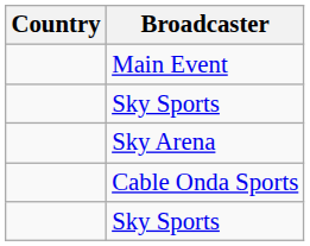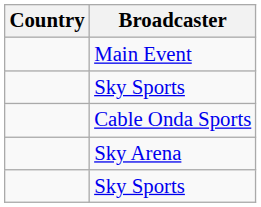 <table class="wikitable">
 <tr>
 <th align=center>Country</th>
 <th align=center>Broadcaster</th>
 </tr>
 <tr>
 <td></td>
 <td><a href='#'>Main Event</a></td>
 </tr>
 <tr>
 <td></td>
 <td><a href='#'>Sky Sports</a></td>
 </tr>
 <tr>
 <td></td>
-<td><a href='#'>Sky Arena</a></td>
+<td><a href='#'>Cable Onda Sports</a></td>
 </tr>
 <tr>
 <td></td>
-<td><a href='#'>Cable Onda Sports</a></td>
+<td><a href='#'>Sky Arena</a></td>
 </tr>
 <tr>
 <td></td>
 <td><a href='#'>Sky Sports</a></td>
 </tr>
 </table>
